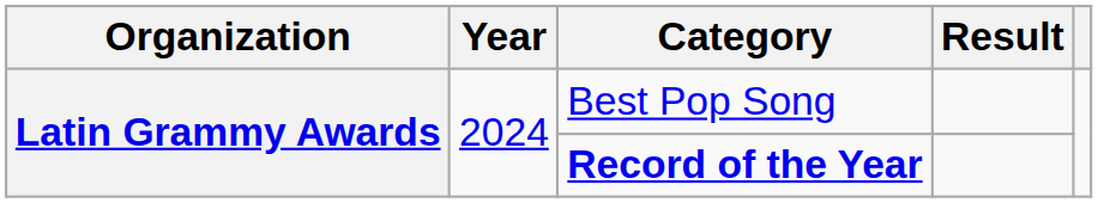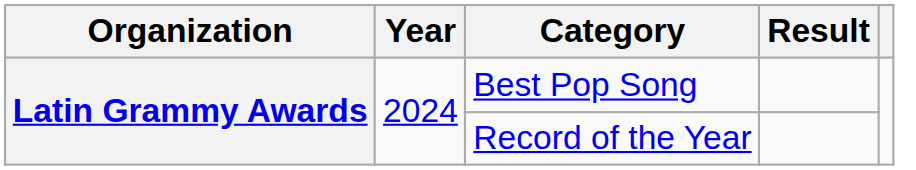 <table class="wikitable plainrowheaders">
 <tr>
 <th scope="col">Organization</th>
 <th scope="col">Year</th>
 <th scope="col">Category</th>
 <th scope="col">Result</th>
 <th scope="col" class="unsortable"></th>
 </tr>
 <tr>
 <th scope="row" rowspan="2"><a href='#'>Latin Grammy Awards</a></th>
 <td rowspan="2"><a href='#'>2024</a></td>
 <td><a href='#'>Best Pop Song</a></td>
 <td></td>
 <td style="text-align:center" rowspan=2></td>
 </tr>
 <tr>
-<td><strong><a href='#'>Record of the Year</a></strong></td>
+<td><a href='#'>Record of the Year</a></td>
 <td></td>
 </tr>
 </table>
